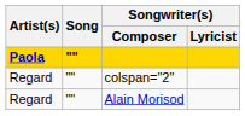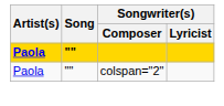 <table class="sortable wikitable" style="margin: 1em auto 1em auto; text-align:left">
 <tr>
 <th rowspan="2">Artist(s)</th>
 <th rowspan="2">Song</th>
 <th colspan="2">Songwriter(s)</th>
 </tr>
 <tr>
 <th>Composer</th>
 <th>Lyricist</th>
 </tr>
 <tr style="font-weight:bold; background:gold;">
 <td><a href='#'>Paola</a></td>
 <td>""</td>
 <td></td>
 <td></td>
 </tr>
 <tr>
-<td>Regard</td>
+<td><a href='#'>Paola</a></td>
 <td>""</td>
 <td>colspan="2" </td>
 </tr>
-<tr>
-<td>Regard</td>
-<td>""</td>
-<td><a href='#'>Alain Morisod</a></td>
-<td></td>
-</tr>
 </table>
